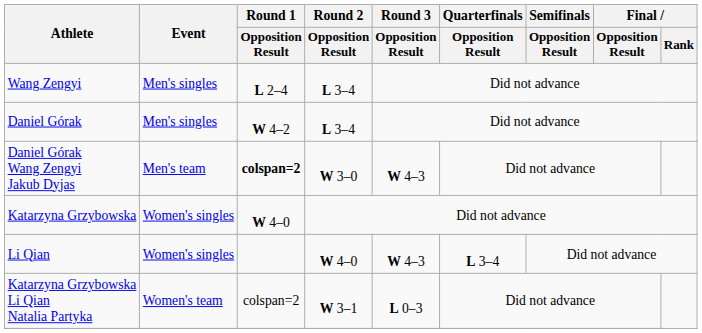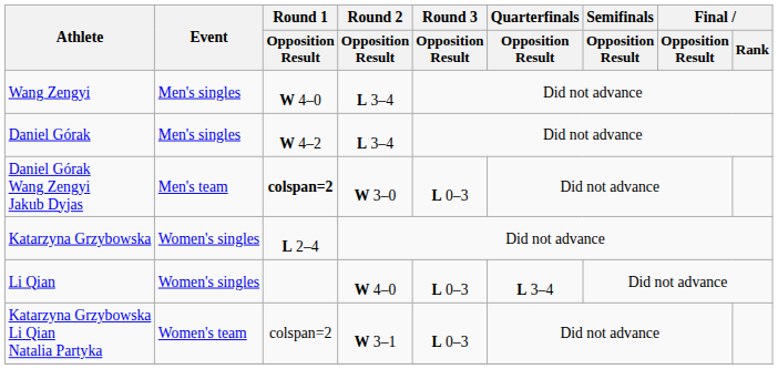 <table class="wikitable" style="font-size:90%">
 <tr>
 <th rowspan="2">Athlete</th>
 <th rowspan="2">Event</th>
 <th>Round 1</th>
 <th>Round 2</th>
 <th>Round 3</th>
 <th>Quarterfinals</th>
 <th>Semifinals</th>
 <th colspan=2>Final / </th>
 </tr>
 <tr style="font-size:95%">
 <th>Opposition<br>Result</th>
 <th>Opposition<br>Result</th>
 <th>Opposition<br>Result</th>
 <th>Opposition<br>Result</th>
 <th>Opposition<br>Result</th>
 <th>Opposition<br>Result</th>
 <th>Rank</th>
 </tr>
 <tr align=center>
 <td align=left><a href='#'>Wang Zengyi</a></td>
 <td align=left><a href='#'>Men's singles</a></td>
-<td><br><strong>L</strong> 2–4</td>
+<td><br><strong>W</strong> 4–0</td>
 <td><br><strong>L</strong> 3–4</td>
 <td colspan=5>Did not advance</td>
 </tr>
 <tr align=center>
 <td align=left><a href='#'>Daniel Górak</a></td>
 <td align=left><a href='#'>Men's singles</a></td>
 <td><br><strong>W</strong> 4–2</td>
 <td><br><strong>L</strong> 3–4</td>
 <td colspan=5>Did not advance</td>
 </tr>
 <tr align=center>
 <td align=left><a href='#'>Daniel Górak</a><br><a href='#'>Wang Zengyi</a><br><a href='#'>Jakub Dyjas</a></td>
 <td align=left><a href='#'>Men's team</a></td>
 <td><strong>colspan=2 </strong></td>
 <td><br><strong>W</strong> 3–0</td>
-<td><br><strong>W</strong> 4–3</td>
+<td><br><strong>L</strong> 0–3</td>
 <td colspan=3>Did not advance</td>
 </tr>
 <tr align=center>
 <td align=left><a href='#'>Katarzyna Grzybowska</a></td>
 <td align=left><a href='#'>Women's singles</a></td>
-<td><br><strong>W</strong> 4–0</td>
+<td><br><strong>L</strong> 2–4</td>
 <td colspan=6>Did not advance</td>
 </tr>
 <tr align=center>
 <td align=left><a href='#'>Li Qian</a></td>
 <td align=left><a href='#'>Women's singles</a></td>
 <td></td>
 <td><br><strong>W</strong> 4–0</td>
-<td><br><strong>W</strong> 4–3</td>
+<td><br><strong>L</strong> 0–3</td>
 <td><br><strong>L</strong> 3–4</td>
 <td colspan=3>Did not advance</td>
 </tr>
 <tr align=center>
 <td align=left><a href='#'>Katarzyna Grzybowska</a><br><a href='#'>Li Qian</a><br><a href='#'>Natalia Partyka</a></td>
 <td align=left><a href='#'>Women's team</a></td>
 <td>colspan=2 </td>
 <td><br><strong>W</strong> 3–1</td>
 <td><br><strong>L</strong> 0–3</td>
 <td colspan=3>Did not advance</td>
 </tr>
 <tr align=center>
 </tr>
 </table>
